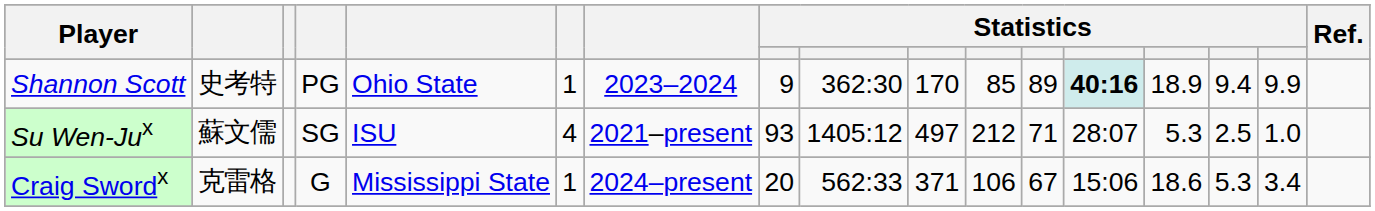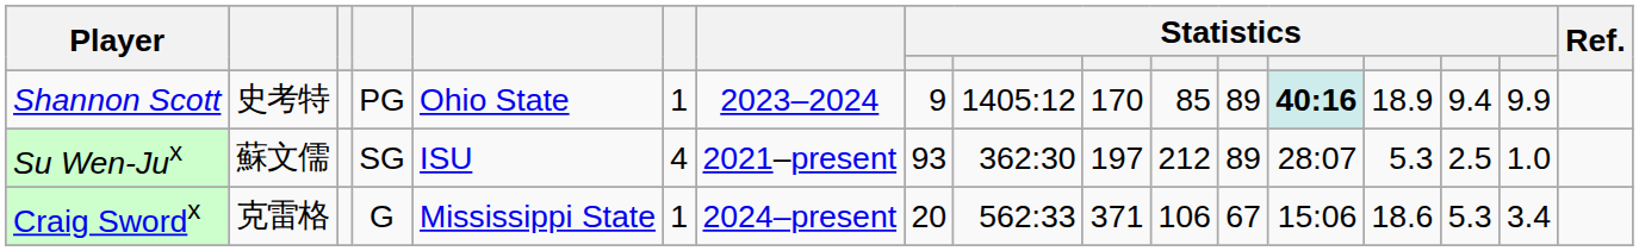 <table class="wikitable sortable" style="font-size:95%; text-align:right;">
 <tr>
 <th rowspan="2">Player</th>
 <th rowspan="2"></th>
 <th rowspan="2"></th>
 <th rowspan="2"></th>
 <th rowspan="2"></th>
 <th rowspan="2"></th>
 <th rowspan="2"></th>
 <th colspan="9">Statistics</th>
 <th rowspan="2">Ref.</th>
 </tr>
 <tr>
 <th></th>
 <th></th>
 <th></th>
 <th></th>
 <th></th>
 <th></th>
 <th></th>
 <th></th>
 <th></th>
 </tr>
 <tr>
 <td align="left"><em><a href='#'>Shannon Scott</a></em></td>
 <td align="left">史考特</td>
 <td align="center"></td>
 <td align="center">PG</td>
 <td align="left"><a href='#'>Ohio State</a></td>
 <td align="center">1</td>
 <td align="center"><a href='#'>2023–2024</a></td>
 <td>9</td>
-<td>362:30</td>
+<td>1405:12</td>
 <td>170</td>
 <td>85</td>
 <td>89</td>
 <td bgcolor="#CFECEC"><strong>40:16</strong></td>
 <td>18.9</td>
 <td>9.4</td>
 <td>9.9</td>
 <td align="center"></td>
 </tr>
 <tr>
 <td align="left" bgcolor="#CCFFCC"><em>Su Wen-Ju</em><sup>x</sup></td>
 <td align="left">蘇文儒</td>
 <td align="center"></td>
 <td align="center">SG</td>
 <td align="left"><a href='#'>ISU</a></td>
 <td align="center">4</td>
 <td align="center"><a href='#'>2021</a>–<a href='#'>present</a></td>
 <td>93</td>
-<td>1405:12</td>
-<td>497</td>
+<td>362:30</td>
+<td>197</td>
 <td>212</td>
-<td>71</td>
+<td>89</td>
 <td>28:07</td>
 <td>5.3</td>
 <td>2.5</td>
 <td>1.0</td>
 <td align="center"></td>
 </tr>
 <tr>
 <td align="left" bgcolor="#CCFFCC"><a href='#'>Craig Sword</a><sup>x</sup></td>
 <td align="left">克雷格</td>
 <td align="center"></td>
 <td align="center">G</td>
 <td align="left"><a href='#'>Mississippi State</a></td>
 <td align="center">1</td>
 <td align="center"><a href='#'>2024–present</a></td>
 <td>20</td>
 <td>562:33</td>
 <td>371</td>
 <td>106</td>
 <td>67</td>
 <td>15:06</td>
 <td>18.6</td>
 <td>5.3</td>
 <td>3.4</td>
 <td align="center"></td>
 </tr>
 </table>
